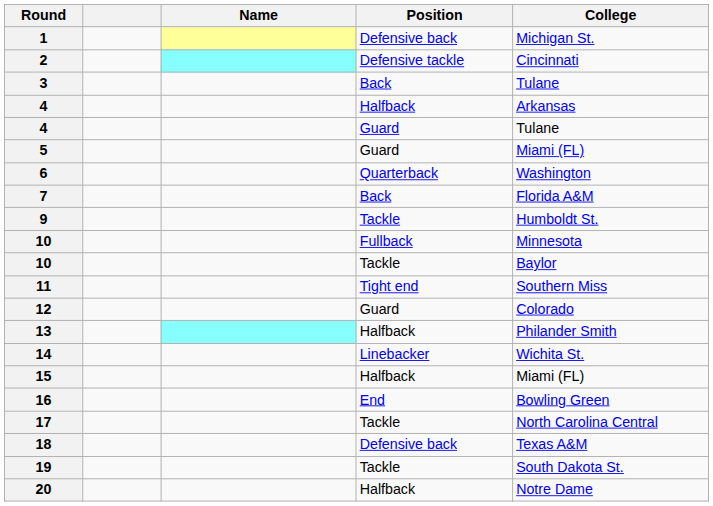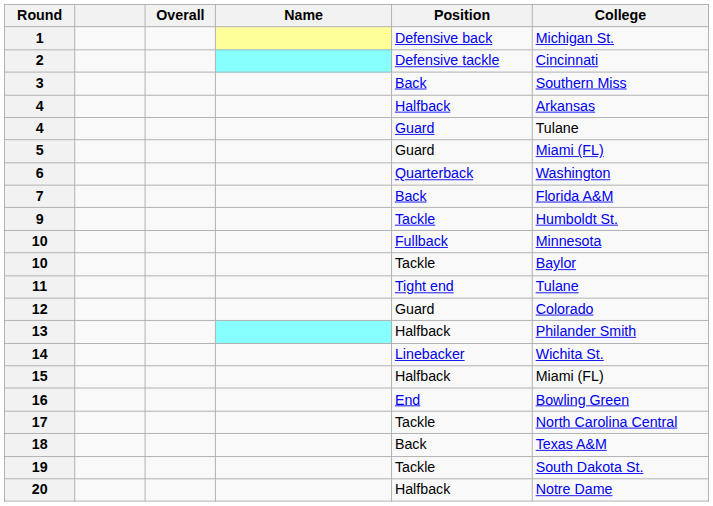 <table class="wikitable sortable" style="width: 50%;">
 <tr>
 <th scope="col" style="width: 10%;">Round</th>
 <th scope="col" style="width: 10%;"></th>
+<th scope="col" style="width: 10%;">Overall</th>
 <th scope="col" style="width: 25%;">Name</th>
 <th scope="col" style="width: 20%;">Position</th>
 <th scope="col" style="width: 25%;">College</th>
 </tr>
 <tr>
 <th scope="row">1</th>
 <td></td>
+<td></td>
 <td style="background:#FFFF99;"> </td>
 <td><a href='#'>Defensive back</a></td>
 <td><a href='#'>Michigan St.</a></td>
 </tr>
 <tr>
 <th scope="row">2</th>
+<td></td>
 <td></td>
 <td style="background:#88FFFF;"> <sup></sup></td>
 <td><a href='#'>Defensive tackle</a></td>
 <td><a href='#'>Cincinnati</a></td>
 </tr>
 <tr>
 <th scope="row">3</th>
 <td></td>
 <td></td>
+<td></td>
 <td><a href='#'>Back</a></td>
-<td><a href='#'>Tulane</a></td>
+<td><a href='#'>Southern Miss</a></td>
 </tr>
 <tr>
 <th scope="row">4</th>
+<td></td>
 <td></td>
 <td></td>
 <td><a href='#'>Halfback</a></td>
 <td><a href='#'>Arkansas</a></td>
 </tr>
 <tr>
 <th scope="row">4</th>
 <td></td>
 <td></td>
+<td></td>
 <td><a href='#'>Guard</a></td>
 <td>Tulane</td>
 </tr>
 <tr>
 <th scope="row">5</th>
+<td></td>
 <td></td>
 <td></td>
 <td>Guard</td>
 <td><a href='#'>Miami (FL)</a></td>
 </tr>
 <tr>
 <th scope="row">6</th>
 <td></td>
 <td></td>
+<td></td>
 <td><a href='#'>Quarterback</a></td>
 <td><a href='#'>Washington</a></td>
 </tr>
 <tr>
 <th scope="row">7</th>
+<td></td>
 <td></td>
 <td></td>
 <td><a href='#'>Back</a></td>
 <td><a href='#'>Florida A&M</a></td>
 </tr>
 <tr>
 <th scope="row">9</th>
 <td></td>
 <td></td>
+<td></td>
 <td><a href='#'>Tackle</a></td>
 <td><a href='#'>Humboldt St.</a></td>
 </tr>
 <tr>
 <th scope="row">10</th>
+<td></td>
 <td></td>
 <td></td>
 <td><a href='#'>Fullback</a></td>
 <td><a href='#'>Minnesota</a></td>
 </tr>
 <tr>
 <th scope="row">10</th>
 <td></td>
 <td></td>
+<td></td>
 <td>Tackle</td>
 <td><a href='#'>Baylor</a></td>
 </tr>
 <tr>
 <th scope="row">11</th>
 <td></td>
 <td></td>
+<td></td>
 <td><a href='#'>Tight end</a></td>
-<td><a href='#'>Southern Miss</a></td>
+<td><a href='#'>Tulane</a></td>
 </tr>
 <tr>
 <th scope="row">12</th>
+<td></td>
 <td></td>
 <td></td>
 <td>Guard</td>
 <td><a href='#'>Colorado</a></td>
 </tr>
 <tr>
 <th scope="row">13</th>
+<td></td>
 <td></td>
 <td style="background:#88FFFF;"> <sup></sup></td>
 <td>Halfback</td>
 <td><a href='#'>Philander Smith</a></td>
 </tr>
 <tr>
 <th scope="row">14</th>
 <td></td>
 <td></td>
+<td></td>
 <td><a href='#'>Linebacker</a></td>
 <td><a href='#'>Wichita St.</a></td>
 </tr>
 <tr>
 <th scope="row">15</th>
+<td></td>
 <td></td>
 <td></td>
 <td>Halfback</td>
 <td>Miami (FL)</td>
 </tr>
 <tr>
 <th scope="row">16</th>
 <td></td>
 <td></td>
+<td></td>
 <td><a href='#'>End</a></td>
 <td><a href='#'>Bowling Green</a></td>
 </tr>
 <tr>
 <th scope="row">17</th>
+<td></td>
 <td></td>
 <td></td>
 <td>Tackle</td>
 <td><a href='#'>North Carolina Central</a></td>
 </tr>
 <tr>
 <th scope="row">18</th>
 <td></td>
 <td></td>
-<td><a href='#'>Defensive back</a></td>
+<td></td>
+<td>Back</td>
 <td><a href='#'>Texas A&M</a></td>
 </tr>
 <tr>
 <th scope="row">19</th>
+<td></td>
 <td></td>
 <td></td>
 <td>Tackle</td>
 <td><a href='#'>South Dakota St.</a></td>
 </tr>
 <tr>
 <th scope="row">20</th>
 <td></td>
 <td></td>
+<td></td>
 <td>Halfback</td>
 <td><a href='#'>Notre Dame</a></td>
 </tr>
 </table>
